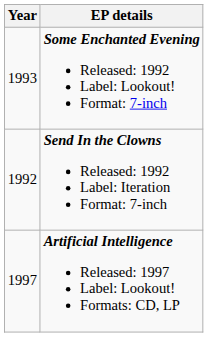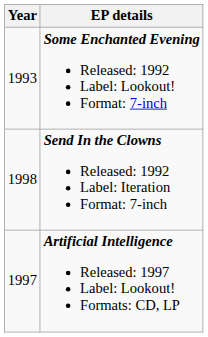 <table class="wikitable">
 <tr>
 <th>Year</th>
 <th>EP details</th>
 </tr>
 <tr>
 <td>1993</td>
 <td><strong><em>Some Enchanted Evening</em></strong><br><ul><li>Released: 1992</li><li>Label: Lookout! </li><li>Format: <a href='#'>7-inch</a></li></ul></td>
 </tr>
 <tr>
-<td>1992</td>
+<td>1998</td>
 <td><strong><em>Send In the Clowns</em></strong><br><ul><li>Released: 1992</li><li>Label: Iteration </li><li>Format: 7-inch</li></ul></td>
 </tr>
 <tr>
 <td>1997</td>
 <td><strong><em>Artificial Intelligence</em></strong><br><ul><li>Released: 1997</li><li>Label: Lookout! </li><li>Formats: CD, LP</li></ul></td>
 </tr>
 </table>
